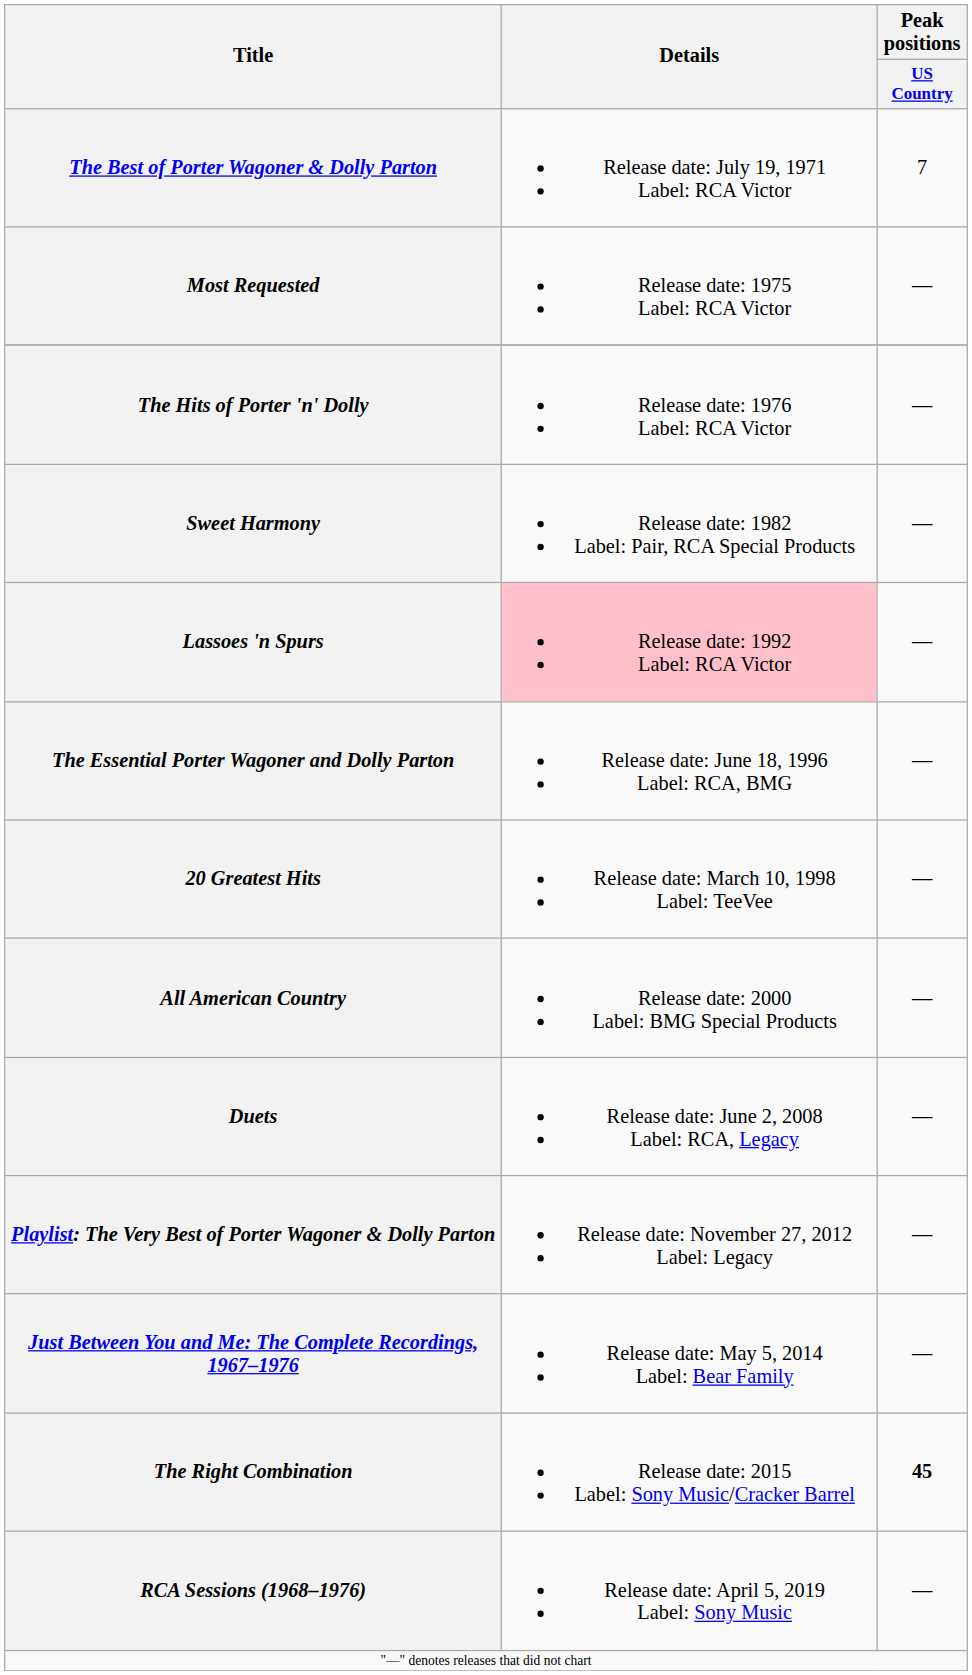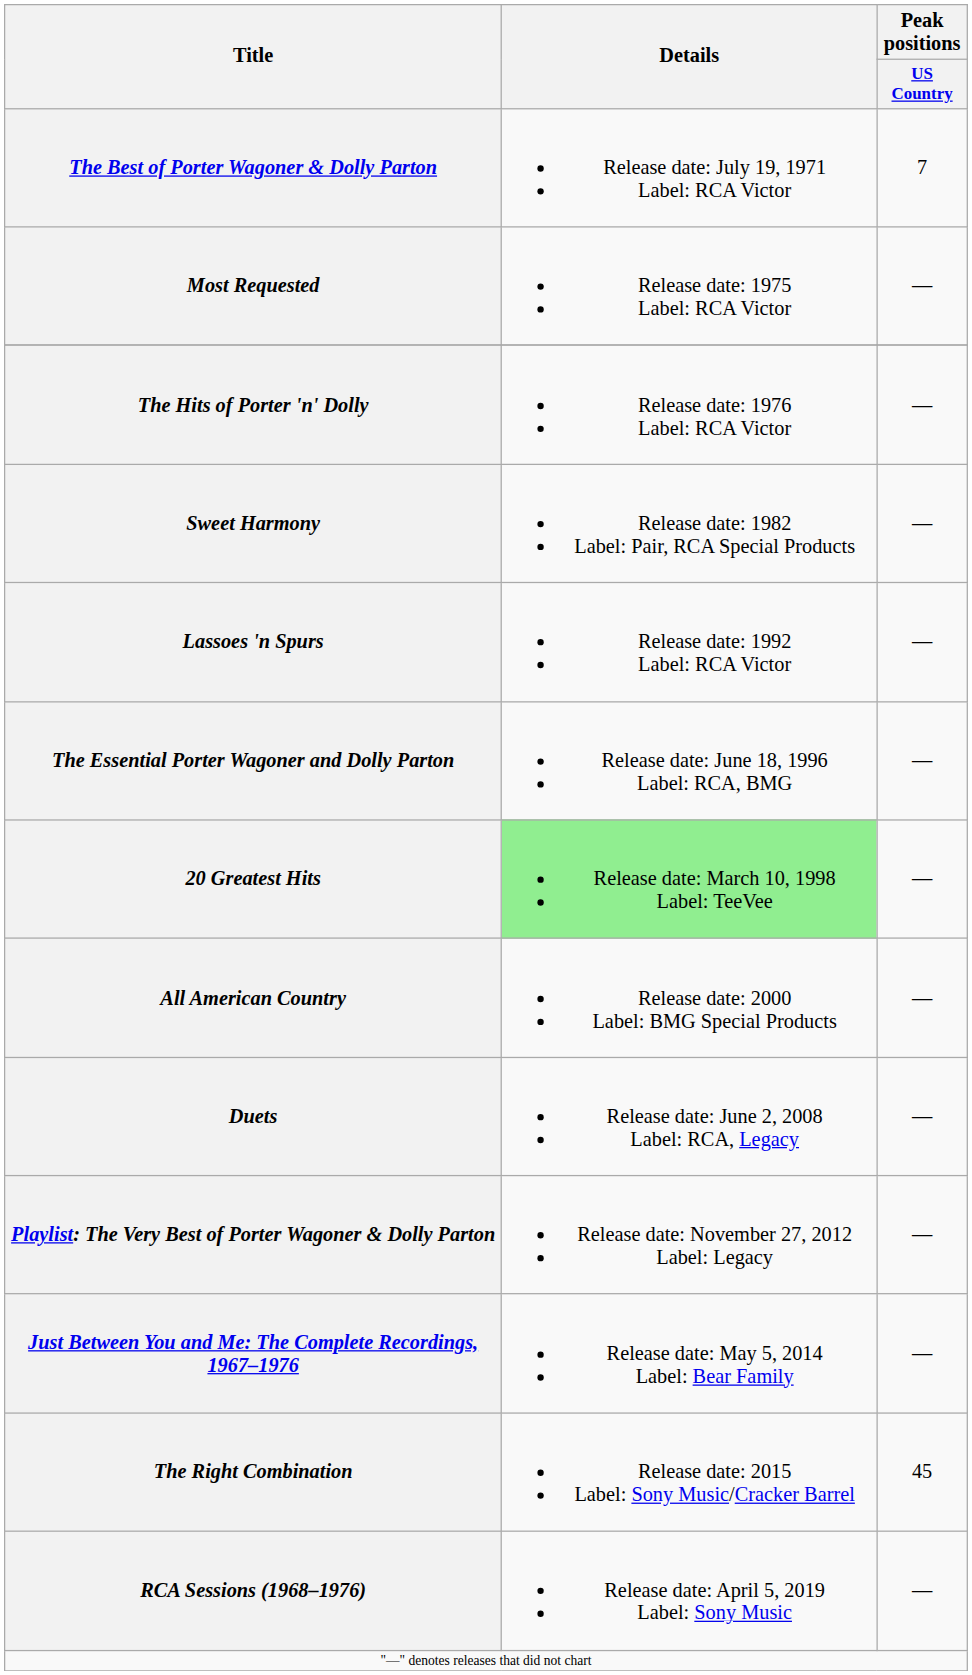 <table class="wikitable plainrowheaders" style="text-align:center;">
 <tr>
 <th rowspan="2" style="width:24em;">Title</th>
 <th rowspan="2" style="width:18em;">Details</th>
 <th>Peak<br>positions</th>
 </tr>
 <tr style="font-size:smaller;">
 <th width="65"><a href='#'>US<br>Country</a><br></th>
 </tr>
 <tr>
 <th scope="row"><em><a href='#'>The Best of Porter Wagoner & Dolly Parton</a></em></th>
 <td><br><ul><li>Release date: July 19, 1971</li><li>Label: RCA Victor</li></ul></td>
 <td>7</td>
 </tr>
 <tr>
 <th scope="row"><em>Most Requested</em></th>
 <td><br><ul><li>Release date: 1975</li><li>Label: RCA Victor</li></ul></td>
 <td>—</td>
 </tr>
 <tr>
 </tr>
 <tr>
 <th scope="row"><em>The Hits of Porter 'n' Dolly</em></th>
 <td><br><ul><li>Release date: 1976</li><li>Label: RCA Victor</li></ul></td>
 <td>—</td>
 </tr>
 <tr>
 <th scope="row"><em>Sweet Harmony</em></th>
 <td><br><ul><li>Release date: 1982</li><li>Label: Pair, RCA Special Products</li></ul></td>
 <td>—</td>
 </tr>
 <tr>
 <th scope="row"><em>Lassoes 'n Spurs</em></th>
-<td style="background: pink;"><br><ul><li>Release date: 1992</li><li>Label: RCA Victor</li></ul></td>
+<td><br><ul><li>Release date: 1992</li><li>Label: RCA Victor</li></ul></td>
 <td>—</td>
 </tr>
 <tr>
 <th scope="row"><em>The Essential Porter Wagoner and Dolly Parton</em></th>
 <td><br><ul><li>Release date: June 18, 1996</li><li>Label: RCA, BMG</li></ul></td>
 <td>—</td>
 </tr>
 <tr>
 <th scope="row"><em>20 Greatest Hits</em></th>
-<td><br><ul><li>Release date: March 10, 1998</li><li>Label: TeeVee</li></ul></td>
+<td style="background: lightgreen;"><br><ul><li>Release date: March 10, 1998</li><li>Label: TeeVee</li></ul></td>
 <td>—</td>
 </tr>
 <tr>
 <th scope="row"><em>All American Country</em></th>
 <td><br><ul><li>Release date: 2000</li><li>Label: BMG Special Products</li></ul></td>
 <td>—</td>
 </tr>
 <tr>
 <th scope="row"><em>Duets</em></th>
 <td><br><ul><li>Release date: June 2, 2008</li><li>Label: RCA, <a href='#'>Legacy</a></li></ul></td>
 <td>—</td>
 </tr>
 <tr>
 <th scope="row"><em><a href='#'>Playlist</a>: The Very Best of Porter Wagoner & Dolly Parton</em></th>
 <td><br><ul><li>Release date: November 27, 2012</li><li>Label: Legacy</li></ul></td>
 <td>—</td>
 </tr>
 <tr>
 <th scope="row"><em><a href='#'>Just Between You and Me: The Complete Recordings, 1967–1976</a></em></th>
 <td><br><ul><li>Release date: May 5, 2014</li><li>Label: <a href='#'>Bear Family</a></li></ul></td>
 <td>—</td>
 </tr>
 <tr>
 <th scope="row"><em>The Right Combination</em></th>
 <td><br><ul><li>Release date: 2015</li><li>Label: <a href='#'>Sony Music</a>/<a href='#'>Cracker Barrel</a></li></ul></td>
-<td><strong>45</strong></td>
+<td>45</td>
 </tr>
 <tr>
 <th scope="row"><em>RCA Sessions (1968–1976)</em></th>
 <td><br><ul><li>Release date: April 5, 2019</li><li>Label: <a href='#'>Sony Music</a></li></ul></td>
 <td>—</td>
 </tr>
 <tr>
 <td colspan="3" style="font-size: 8pt">"—" denotes releases that did not chart</td>
 </tr>
 </table>
